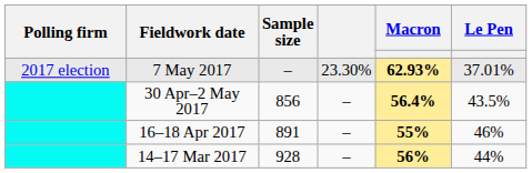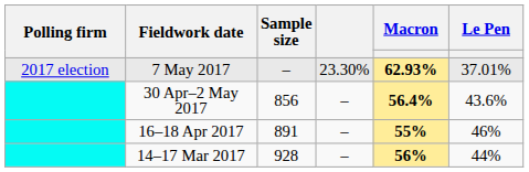 <table class="wikitable sortable" style="text-align:center;font-size:90%;line-height:14px;">
 <tr style="height:40px;">
 <th style="width:100px;" rowspan="2">Polling firm</th>
 <th style="width:110px;" rowspan="2">Fieldwork date</th>
 <th style="width:35px;" rowspan="2">Sample<br>size</th>
 <th style="width:30px;" rowspan="2"></th>
 <th class="unsortable" style="width:60px;"><a href='#'>Macron</a><br></th>
 <th class="unsortable" style="width:60px;"><a href='#'>Le Pen</a><br></th>
 </tr>
 <tr>
 <th style="background:"></th>
 <th style="background:"></th>
 </tr>
 <tr style="background:#E9E9E9;">
 <td><a href='#'>2017 election</a></td>
 <td data-sort-value="2017-05-07">7 May 2017</td>
 <td>–</td>
 <td>23.30%</td>
 <td style="background:#FFED99;"><strong>62.93%</strong></td>
 <td>37.01%</td>
 </tr>
 <tr>
 <td style="background:#04FBF4;"></td>
 <td data-sort-value="2017-05-02">30 Apr–2 May 2017</td>
 <td>856</td>
 <td>–</td>
 <td style="background:#FFED99;"><strong>56.4%</strong></td>
-<td>43.5%</td>
+<td>43.6%</td>
 </tr>
 <tr>
 <td style="background:#04FBF4;"></td>
 <td data-sort-value="2017-04-18">16–18 Apr 2017</td>
 <td>891</td>
 <td>–</td>
 <td style="background:#FFED99;"><strong>55%</strong></td>
 <td>46%</td>
 </tr>
 <tr>
 <td style="background:#04FBF4;"></td>
 <td data-sort-value="2017-03-17">14–17 Mar 2017</td>
 <td>928</td>
 <td>–</td>
 <td style="background:#FFED99;"><strong>56%</strong></td>
 <td>44%</td>
 </tr>
 </table>
